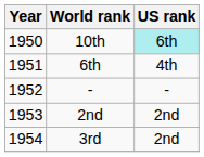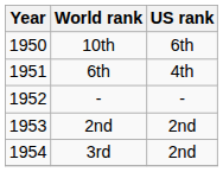 <table class=wikitable>
 <tr>
 <th>Year</th>
 <th>World rank</th>
 <th>US rank</th>
 </tr>
 <tr>
 <td>1950</td>
 <td align="center">10th</td>
-<td align="center" style="background: paleturquoise;">6th</td>
+<td align="center">6th</td>
 </tr>
 <tr>
 <td>1951</td>
 <td align="center">6th</td>
 <td align="center">4th</td>
 </tr>
 <tr>
 <td>1952</td>
 <td align="center">-</td>
 <td align="center">-</td>
 </tr>
 <tr>
 <td>1953</td>
 <td align="center">2nd</td>
 <td align="center">2nd</td>
 </tr>
 <tr>
 <td>1954</td>
 <td align="center">3rd</td>
 <td align="center">2nd</td>
 </tr>
 <tr>
 </tr>
 </table>
